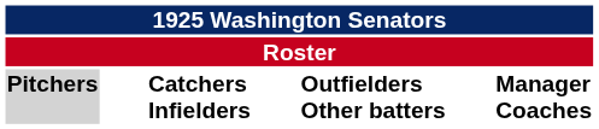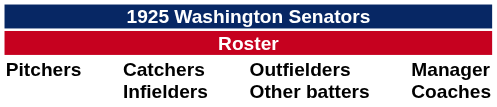 <table class="toccolours" style="font-size: 95%;">
 <tr>
 <th colspan="10" style="background-color: #072764; color: white; text-align: center;">1925 Washington Senators</th>
 </tr>
 <tr>
 <td colspan="10" style="background-color: #c6011f; color: white; text-align: center;"><strong>Roster</strong></td>
 </tr>
 <tr>
-<td valign="top" style="background: lightgrey;"><strong>Pitchers</strong><br>              </td>
+<td valign="top"><strong>Pitchers</strong><br>              </td>
 <td width="25px"></td>
 <td valign="top"><strong>Catchers</strong><br>    <strong>Infielders</strong>            </td>
 <td width="25px"></td>
 <td valign="top"><strong>Outfielders</strong><br>       <strong>Other batters</strong> </td>
 <td width="25px"></td>
 <td valign="top"><strong>Manager</strong><br> <strong>Coaches</strong>  </td>
 </tr>
 <tr>
 </tr>
 </table>
